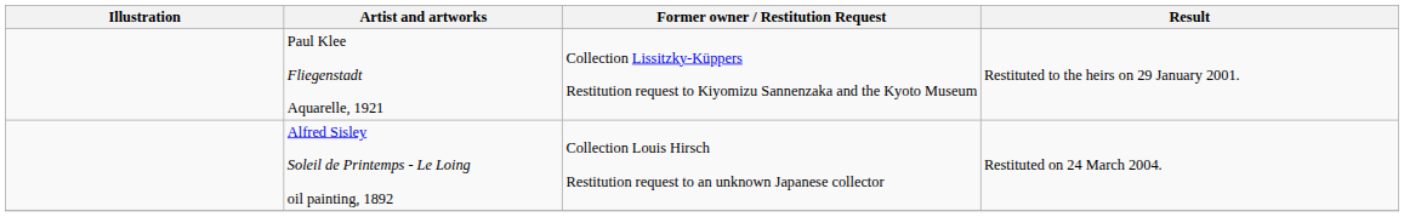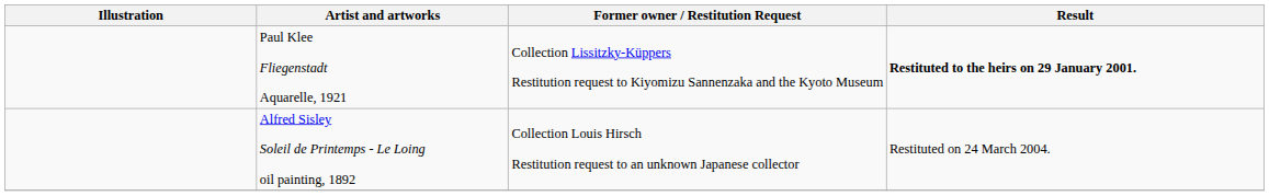 <table class="wikitable alternance centre">
 <tr>
 <th class="unsortable" width="20">Illustration</th>
 <th width="20%">Artist and artworks</th>
 <th width="30%">Former owner / Restitution Request</th>
 <th width="30%">Result</th>
 </tr>
 <tr>
 <td></td>
 <td>Paul Klee<br><br><em>Fliegenstadt</em><br><br>Aquarelle, 1921</td>
 <td>Collection <a href='#'>Lissitzky-Küppers</a><br><br>Restitution request to Kiyomizu Sannenzaka and the Kyoto Museum</td>
-<td>Restituted to the heirs on 29 January 2001.</td>
+<td><strong>Restituted to the heirs on 29 January 2001.</strong></td>
 </tr>
 <tr>
 <td></td>
 <td><a href='#'>Alfred Sisley</a><br><br><em>Soleil de Printemps - Le Loing</em><br><br>oil painting, 1892</td>
 <td>Collection Louis Hirsch <br><br>Restitution request to an unknown Japanese collector</td>
 <td>Restituted on 24 March 2004.</td>
 </tr>
 <tr>
 </tr>
 </table>
